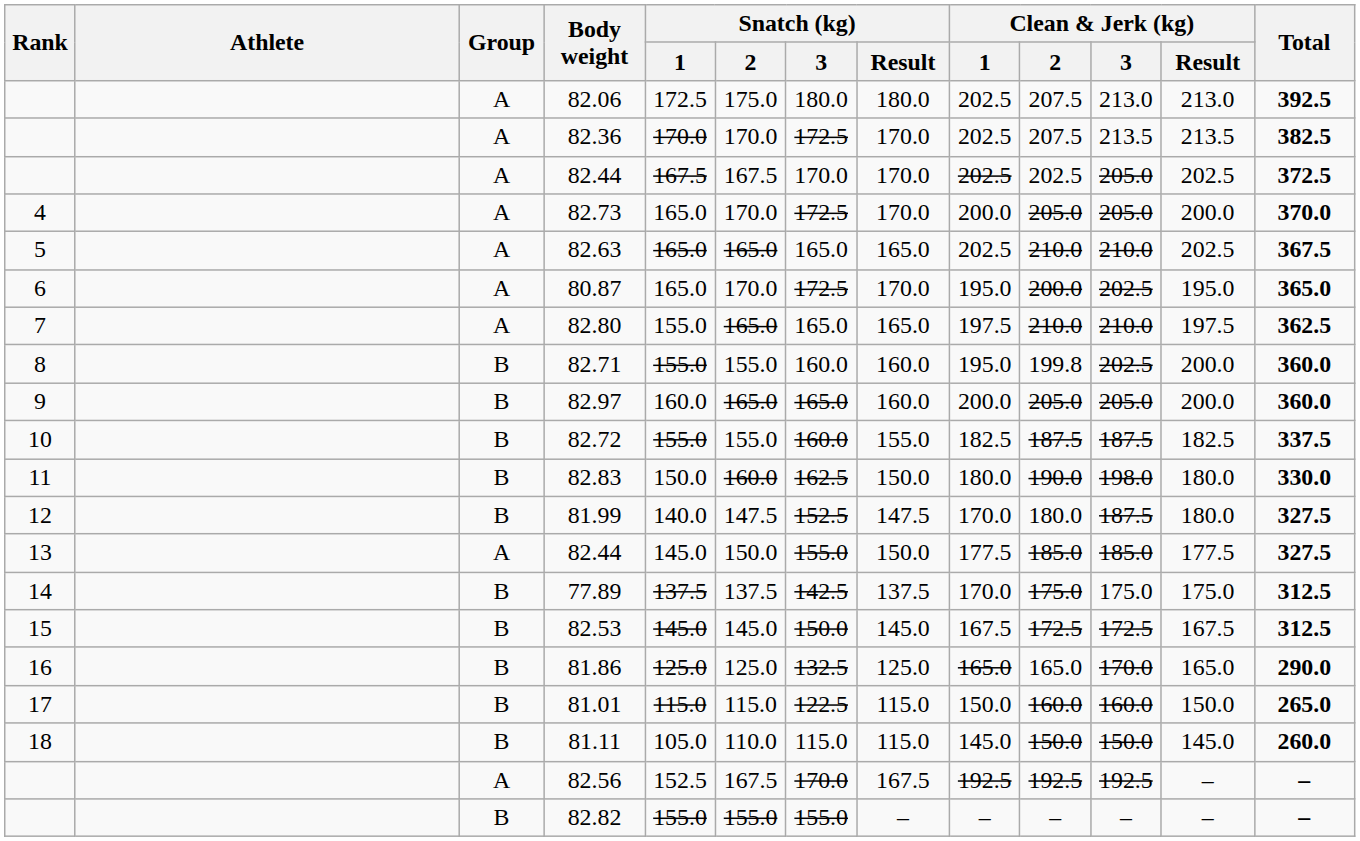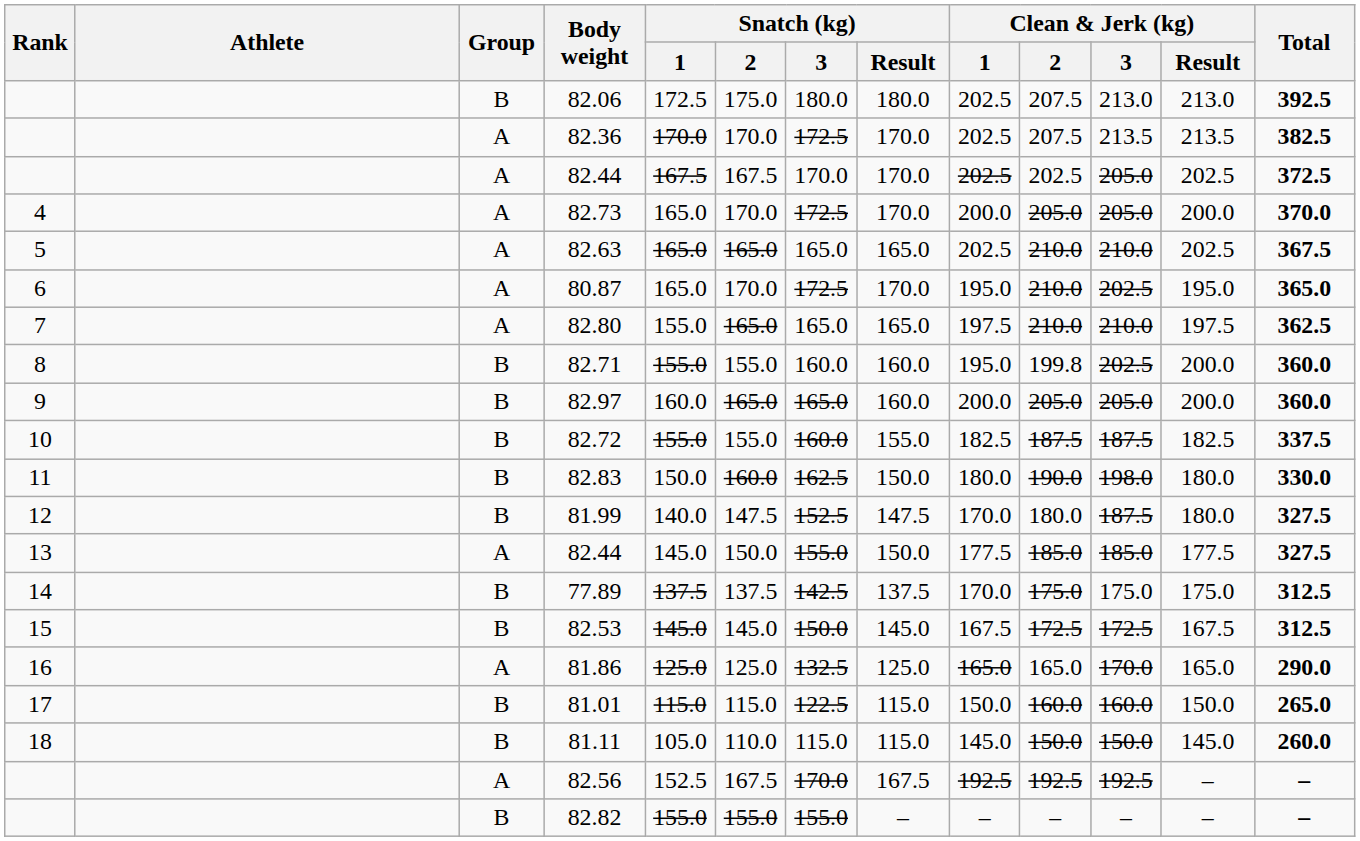 <table class="wikitable" style=" text-align:center;">
 <tr>
 <th rowspan=2 width=40>Rank</th>
 <th rowspan=2 width=250>Athlete</th>
 <th rowspan=2 width=50>Group</th>
 <th rowspan=2 width=60>Body weight</th>
 <th colspan=4>Snatch (kg)</th>
 <th colspan=4>Clean & Jerk (kg)</th>
 <th rowspan=2 width=60>Total</th>
 </tr>
 <tr>
 <th width=40>1</th>
 <th width=40>2</th>
 <th width=40>3</th>
 <th width=55>Result</th>
 <th width=40>1</th>
 <th width=40>2</th>
 <th width=40>3</th>
 <th width=55>Result</th>
 </tr>
 <tr>
 <td></td>
 <td align=left></td>
-<td>A</td>
+<td>B</td>
 <td>82.06</td>
 <td>172.5</td>
 <td>175.0</td>
 <td>180.0</td>
 <td>180.0</td>
 <td>202.5</td>
 <td>207.5</td>
 <td>213.0</td>
 <td>213.0</td>
 <td><strong>392.5</strong></td>
 </tr>
 <tr>
 <td></td>
 <td align=left></td>
 <td>A</td>
 <td>82.36</td>
 <td><s>170.0</s></td>
 <td>170.0</td>
 <td><s>172.5</s></td>
 <td>170.0</td>
 <td>202.5</td>
 <td>207.5</td>
 <td>213.5</td>
 <td>213.5</td>
 <td><strong>382.5</strong></td>
 </tr>
 <tr>
 <td></td>
 <td align=left></td>
 <td>A</td>
 <td>82.44</td>
 <td><s>167.5</s></td>
 <td>167.5</td>
 <td>170.0</td>
 <td>170.0</td>
 <td><s>202.5</s></td>
 <td>202.5</td>
 <td><s>205.0</s></td>
 <td>202.5</td>
 <td><strong>372.5</strong></td>
 </tr>
 <tr>
 <td>4</td>
 <td align=left></td>
 <td>A</td>
 <td>82.73</td>
 <td>165.0</td>
 <td>170.0</td>
 <td><s>172.5</s></td>
 <td>170.0</td>
 <td>200.0</td>
 <td><s>205.0</s></td>
 <td><s>205.0</s></td>
 <td>200.0</td>
 <td><strong>370.0</strong></td>
 </tr>
 <tr>
 <td>5</td>
 <td align=left></td>
 <td>A</td>
 <td>82.63</td>
 <td><s>165.0</s></td>
 <td><s>165.0</s></td>
 <td>165.0</td>
 <td>165.0</td>
 <td>202.5</td>
 <td><s>210.0</s></td>
 <td><s>210.0</s></td>
 <td>202.5</td>
 <td><strong>367.5</strong></td>
 </tr>
 <tr>
 <td>6</td>
 <td align=left></td>
 <td>A</td>
 <td>80.87</td>
 <td>165.0</td>
 <td>170.0</td>
 <td><s>172.5</s></td>
 <td>170.0</td>
 <td>195.0</td>
-<td><s>200.0</s></td>
+<td><s>210.0</s></td>
 <td><s>202.5</s></td>
 <td>195.0</td>
 <td><strong>365.0</strong></td>
 </tr>
 <tr>
 <td>7</td>
 <td align=left></td>
 <td>A</td>
 <td>82.80</td>
 <td>155.0</td>
 <td><s>165.0</s></td>
 <td>165.0</td>
 <td>165.0</td>
 <td>197.5</td>
 <td><s>210.0</s></td>
 <td><s>210.0</s></td>
 <td>197.5</td>
 <td><strong>362.5</strong></td>
 </tr>
 <tr>
 <td>8</td>
 <td align=left></td>
 <td>B</td>
 <td>82.71</td>
 <td><s>155.0</s></td>
 <td>155.0</td>
 <td>160.0</td>
 <td>160.0</td>
 <td>195.0</td>
 <td>199.8</td>
 <td><s>202.5</s></td>
 <td>200.0</td>
 <td><strong>360.0</strong></td>
 </tr>
 <tr>
 <td>9</td>
 <td align=left></td>
 <td>B</td>
 <td>82.97</td>
 <td>160.0</td>
 <td><s>165.0</s></td>
 <td><s>165.0</s></td>
 <td>160.0</td>
 <td>200.0</td>
 <td><s>205.0</s></td>
 <td><s>205.0</s></td>
 <td>200.0</td>
 <td><strong>360.0</strong></td>
 </tr>
 <tr>
 <td>10</td>
 <td align=left></td>
 <td>B</td>
 <td>82.72</td>
 <td><s>155.0</s></td>
 <td>155.0</td>
 <td><s>160.0</s></td>
 <td>155.0</td>
 <td>182.5</td>
 <td><s>187.5</s></td>
 <td><s>187.5</s></td>
 <td>182.5</td>
 <td><strong>337.5</strong></td>
 </tr>
 <tr>
 <td>11</td>
 <td align=left></td>
 <td>B</td>
 <td>82.83</td>
 <td>150.0</td>
 <td><s>160.0</s></td>
 <td><s>162.5</s></td>
 <td>150.0</td>
 <td>180.0</td>
 <td><s>190.0</s></td>
 <td><s>198.0</s></td>
 <td>180.0</td>
 <td><strong>330.0</strong></td>
 </tr>
 <tr>
 <td>12</td>
 <td align=left></td>
 <td>B</td>
 <td>81.99</td>
 <td>140.0</td>
 <td>147.5</td>
 <td><s>152.5</s></td>
 <td>147.5</td>
 <td>170.0</td>
 <td>180.0</td>
 <td><s>187.5</s></td>
 <td>180.0</td>
 <td><strong>327.5</strong></td>
 </tr>
 <tr>
 <td>13</td>
 <td align=left></td>
 <td>A</td>
 <td>82.44</td>
 <td>145.0</td>
 <td>150.0</td>
 <td><s>155.0</s></td>
 <td>150.0</td>
 <td>177.5</td>
 <td><s>185.0</s></td>
 <td><s>185.0</s></td>
 <td>177.5</td>
 <td><strong>327.5</strong></td>
 </tr>
 <tr>
 <td>14</td>
 <td align=left></td>
 <td>B</td>
 <td>77.89</td>
 <td><s>137.5</s></td>
 <td>137.5</td>
 <td><s>142.5</s></td>
 <td>137.5</td>
 <td>170.0</td>
 <td><s>175.0</s></td>
 <td>175.0</td>
 <td>175.0</td>
 <td><strong>312.5</strong></td>
 </tr>
 <tr>
 <td>15</td>
 <td align=left></td>
 <td>B</td>
 <td>82.53</td>
 <td><s>145.0</s></td>
 <td>145.0</td>
 <td><s>150.0</s></td>
 <td>145.0</td>
 <td>167.5</td>
 <td><s>172.5</s></td>
 <td><s>172.5</s></td>
 <td>167.5</td>
 <td><strong>312.5</strong></td>
 </tr>
 <tr>
 <td>16</td>
 <td align=left></td>
-<td>B</td>
+<td>A</td>
 <td>81.86</td>
 <td><s>125.0</s></td>
 <td>125.0</td>
 <td><s>132.5</s></td>
 <td>125.0</td>
 <td><s>165.0</s></td>
 <td>165.0</td>
 <td><s>170.0</s></td>
 <td>165.0</td>
 <td><strong>290.0</strong></td>
 </tr>
 <tr>
 <td>17</td>
 <td align=left></td>
 <td>B</td>
 <td>81.01</td>
 <td><s>115.0</s></td>
 <td>115.0</td>
 <td><s>122.5</s></td>
 <td>115.0</td>
 <td>150.0</td>
 <td><s>160.0</s></td>
 <td><s>160.0</s></td>
 <td>150.0</td>
 <td><strong>265.0</strong></td>
 </tr>
 <tr>
 <td>18</td>
 <td align="left"></td>
 <td>B</td>
 <td>81.11</td>
 <td>105.0</td>
 <td>110.0</td>
 <td>115.0</td>
 <td>115.0</td>
 <td>145.0</td>
 <td><s>150.0</s></td>
 <td><s>150.0</s></td>
 <td>145.0</td>
 <td><strong>260.0</strong></td>
 </tr>
 <tr>
 <td></td>
 <td align="left"></td>
 <td>A</td>
 <td>82.56</td>
 <td>152.5</td>
 <td>167.5</td>
 <td><s>170.0</s></td>
 <td>167.5</td>
 <td><s>192.5</s></td>
 <td><s>192.5</s></td>
 <td><s>192.5</s></td>
 <td>–</td>
 <td><strong>–</strong></td>
 </tr>
 <tr>
 <td></td>
 <td align="left"></td>
 <td>B</td>
 <td>82.82</td>
 <td><s>155.0</s></td>
 <td><s>155.0</s></td>
 <td><s>155.0</s></td>
 <td>–</td>
 <td>–</td>
 <td>–</td>
 <td>–</td>
 <td>–</td>
 <td><strong>–</strong></td>
 </tr>
 </table>
